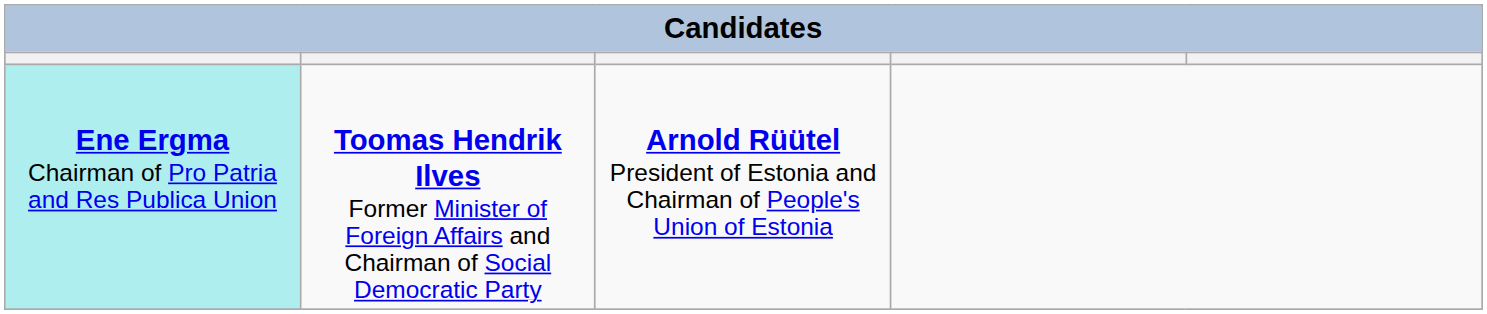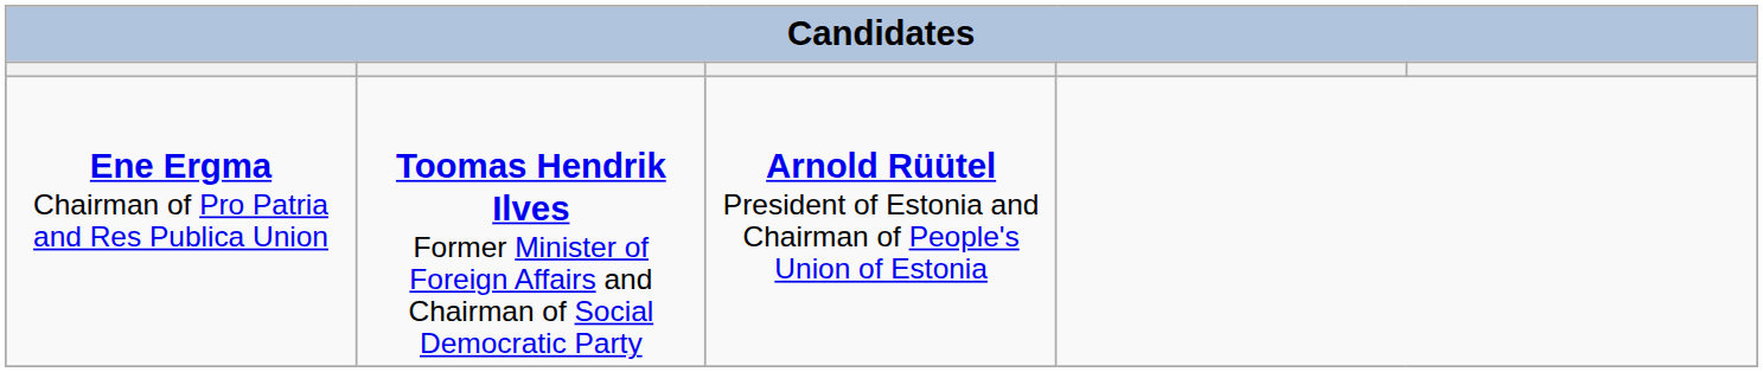 <table class="wikitable" style="font-size:90%">
 <tr>
 <th style="background:#B0C4DE" colspan="5"><big>Candidates</big></th>
 </tr>
 <tr>
 <th scope="col" style="width:20%;"></th>
 <th scope="col" style="width:20%;"></th>
 <th scope="col" style="width:20%;"></th>
 <th scope="col" style="width:20%;"></th>
 <th scope="col" style="width:20%;"></th>
 </tr>
 <tr>
-<td style="background: paleturquoise; vertical-align: top; text-align: center;"><br><br><big><strong><a href='#'>Ene Ergma</a></strong></big><br>Chairman of <a href='#'>Pro Patria and Res Publica Union</a></td>
+<td style="vertical-align: top; text-align: center;"><br><br><big><strong><a href='#'>Ene Ergma</a></strong></big><br>Chairman of <a href='#'>Pro Patria and Res Publica Union</a></td>
 <td style="vertical-align: top; text-align: center;"><br><br><big> <strong><a href='#'>Toomas Hendrik Ilves</a></strong></big><br>Former <a href='#'>Minister of Foreign Affairs</a> and Chairman of <a href='#'>Social Democratic Party</a></td>
 <td style="vertical-align: top; text-align: center;"><br><br><big><strong><a href='#'>Arnold Rüütel</a></strong></big><br>President of Estonia and Chairman of <a href='#'>People's Union of Estonia</a></td>
 </tr>
 </table>
